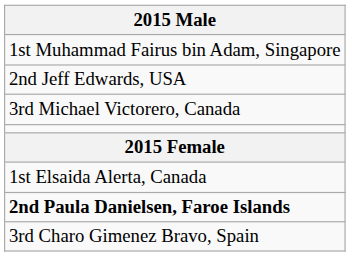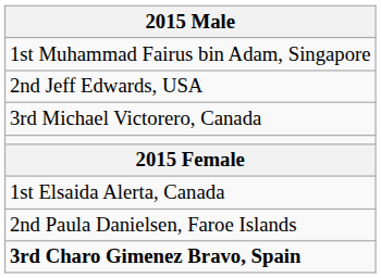 <table class="wikitable" style="float:left; margin-right:1em">
 <tr>
 <th>2015 Male</th>
 </tr>
 <tr>
 <td>1st Muhammad Fairus bin Adam, Singapore</td>
 </tr>
 <tr>
 <td>2nd Jeff Edwards, USA</td>
 </tr>
 <tr>
 <td>3rd Michael Victorero, Canada</td>
 </tr>
 <tr>
 <td></td>
 </tr>
 <tr>
 <th>2015 Female</th>
 </tr>
 <tr>
 <td>1st Elsaida Alerta, Canada</td>
 </tr>
 <tr>
-<td><strong>2nd Paula Danielsen, Faroe Islands</strong></td>
+<td>2nd Paula Danielsen, Faroe Islands</td>
 </tr>
 <tr>
-<td>3rd Charo Gimenez Bravo, Spain</td>
+<td><strong>3rd Charo Gimenez Bravo, Spain</strong></td>
 </tr>
 </table>
